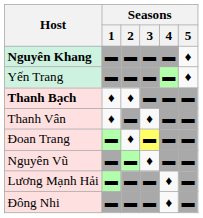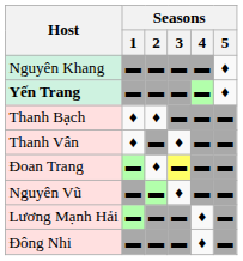 <table class="wikitable">
 <tr>
 <th rowspan=2>Host</th>
 <th colspan=7>Seasons</th>
 </tr>
 <tr>
 <th>1</th>
 <th>2</th>
 <th>3</th>
 <th>4</th>
 <th>5</th>
 </tr>
 <tr align=center>
-<td bgcolor="#CEF2E0" align=left><strong>Nguyên Khang</strong></td>
+<td bgcolor="#CEF2E0" align=left>Nguyên Khang</td>
 <td bgcolor=darkgray>▬</td>
 <td bgcolor=darkgray>▬</td>
 <td bgcolor=darkgray>▬</td>
 <td bgcolor=darkgray>▬</td>
 <td>♦</td>
 </tr>
 <tr align=center>
-<td bgcolor="#CEF2E0" align=left>Yến Trang</td>
+<td bgcolor="#CEF2E0" align=left><strong>Yến Trang</strong></td>
 <td bgcolor=darkgray>▬</td>
 <td bgcolor=darkgray>▬</td>
 <td bgcolor=darkgray>▬</td>
 <td bgcolor=#B2FFAB>▬</td>
 <td>♦</td>
 </tr>
 <tr align=center>
-<td bgcolor="#FFE0E0" align=left><strong>Thanh Bạch</strong></td>
+<td bgcolor="#FFE0E0" align=left>Thanh Bạch</td>
 <td>♦</td>
 <td>♦</td>
 <td bgcolor=darkgray>▬</td>
 <td bgcolor=darkgray>▬</td>
 <td bgcolor=darkgray>▬</td>
 </tr>
 <tr align=center>
 <td bgcolor="#FFE0E0" align=left>Thanh Vân</td>
 <td>♦</td>
 <td bgcolor=darkgray>▬</td>
 <td>♦</td>
 <td bgcolor=darkgray>▬</td>
 <td bgcolor=darkgray>▬</td>
 </tr>
 <tr align=center>
 <td bgcolor="#FFE0E0" align=left>Đoan Trang</td>
 <td bgcolor=#B2FFAB>▬</td>
 <td>♦</td>
 <td bgcolor=#FFFF66>▬</td>
 <td bgcolor=darkgray>▬</td>
 <td bgcolor=darkgray>▬</td>
 </tr>
 <tr align=center>
 <td bgcolor="#FFE0E0" align=left>Nguyên Vũ</td>
 <td bgcolor=darkgray>▬</td>
 <td bgcolor=#B2FFAB>▬</td>
 <td>♦</td>
 <td bgcolor=darkgray>▬</td>
 <td bgcolor=darkgray>▬</td>
 </tr>
 <tr align=center>
 <td bgcolor="#FFE0E0" align=left>Lương Mạnh Hải</td>
 <td bgcolor=#B2FFAB>▬</td>
 <td bgcolor=darkgray>▬</td>
 <td bgcolor=darkgray>▬</td>
 <td>♦</td>
 <td bgcolor=darkgray>▬</td>
 </tr>
 <tr align=center>
 <td bgcolor="#FFE0E0" align=left>Đông Nhi</td>
 <td bgcolor=darkgray>▬</td>
 <td bgcolor=darkgray>▬</td>
 <td bgcolor=darkgray>▬</td>
 <td>♦</td>
 <td bgcolor=darkgray>▬</td>
 </tr>
 </table>
